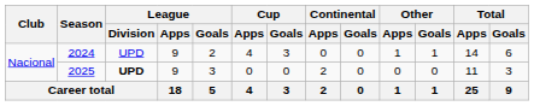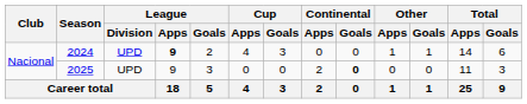 <table class="wikitable" style="text-align: center;">
 <tr>
 <th rowspan="2">Club</th>
 <th rowspan="2">Season</th>
 <th colspan="3">League</th>
 <th colspan="2">Cup</th>
 <th colspan="2">Continental</th>
 <th colspan="2">Other</th>
 <th colspan="2">Total</th>
 </tr>
 <tr>
 <th>Division</th>
 <th>Apps</th>
 <th>Goals</th>
 <th>Apps</th>
 <th>Goals</th>
 <th>Apps</th>
 <th>Goals</th>
 <th>Apps</th>
 <th>Goals</th>
 <th>Apps</th>
 <th>Goals</th>
 </tr>
 <tr>
 <td rowspan="2"><a href='#'>Nacional</a></td>
 <td><a href='#'>2024</a></td>
 <td><a href='#'>UPD</a></td>
-<td>9</td>
+<td><strong>9</strong></td>
 <td>2</td>
 <td>4</td>
 <td>3</td>
 <td>0</td>
 <td>0</td>
 <td>1</td>
 <td>1</td>
 <td>14</td>
 <td>6</td>
 </tr>
 <tr>
 <td><a href='#'>2025</a></td>
-<td><strong>UPD</strong></td>
+<td>UPD</td>
 <td>9</td>
 <td>3</td>
 <td>0</td>
 <td>0</td>
 <td>2</td>
-<td>0</td>
+<td><strong>0</strong></td>
 <td>0</td>
 <td>0</td>
 <td>11</td>
 <td>3</td>
 </tr>
 <tr>
 <th colspan=3>Career total</th>
 <th>18</th>
 <th>5</th>
 <th>4</th>
 <th>3</th>
 <th>2</th>
 <th>0</th>
 <th>1</th>
 <th>1</th>
 <th>25</th>
 <th>9</th>
 </tr>
 </table>
